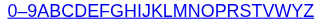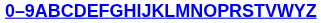 <table id="toc" class="toc" summary="Class" align="center" style="text-align:center;">
 <tr>
 <th></th>
 </tr>
 <tr>
-<td><a href='#'>0–9</a><a href='#'>A</a><a href='#'>B</a><a href='#'>C</a><a href='#'>D</a><a href='#'>E</a><a href='#'>F</a><a href='#'>G</a><a href='#'>H</a><a href='#'>I</a><a href='#'>J</a><a href='#'>K</a><a href='#'>L</a><a href='#'>M</a><a href='#'>N</a><a href='#'>O</a><a href='#'>P</a><a href='#'>R</a><a href='#'>S</a><a href='#'>T</a><a href='#'>V</a><a href='#'>W</a><a href='#'>Y</a><a href='#'>Z</a></td>
+<td><strong><a href='#'>0–9</a><a href='#'>A</a><a href='#'>B</a><a href='#'>C</a><a href='#'>D</a><a href='#'>E</a><a href='#'>F</a><a href='#'>G</a><a href='#'>H</a><a href='#'>I</a><a href='#'>J</a><a href='#'>K</a><a href='#'>L</a><a href='#'>M</a><a href='#'>N</a><a href='#'>O</a><a href='#'>P</a><a href='#'>R</a><a href='#'>S</a><a href='#'>T</a><a href='#'>V</a><a href='#'>W</a><a href='#'>Y</a><a href='#'>Z</a></strong></td>
 </tr>
 </table>
